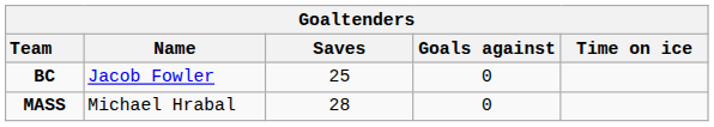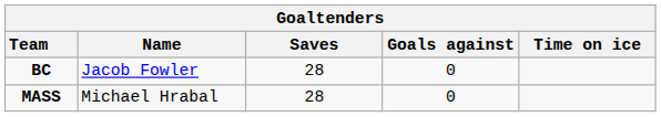 <table class="wikitable" style="width:40em; text-align:right;">
 <tr>
 <th colspan=5>Goaltenders</th>
 </tr>
 <tr>
 <th style="width:4em; text-align:left;">Team</th>
 <th style="width:10em;">Name</th>
 <th style="width:8em;">Saves</th>
 <th style="width:8em;">Goals against</th>
 <th style="width:8em;">Time on ice</th>
 </tr>
 <tr>
 <td align=center><strong>BC</strong></td>
 <td style="text-align:left;"><a href='#'>Jacob Fowler</a></td>
-<td align=center>25</td>
+<td align=center>28</td>
 <td align=center>0</td>
 <td align=center></td>
 </tr>
 <tr>
 <td align=center><strong>MASS</strong></td>
 <td style="text-align:left;">Michael Hrabal</td>
 <td align=center>28</td>
 <td align=center>0</td>
 <td align=center></td>
 </tr>
 </table>
